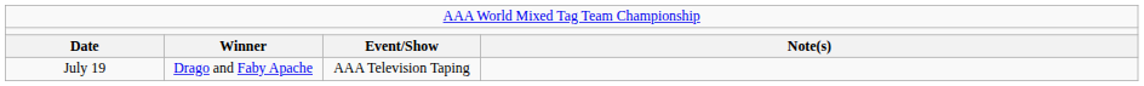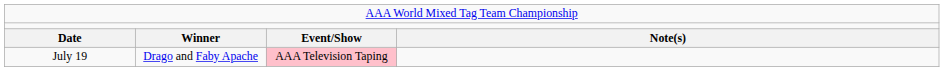 <table class="wikitable" style="text-align:center; width:100%;">
 <tr>
 <td colspan="5"><a href='#'>AAA World Mixed Tag Team Championship</a></td>
 </tr>
 <tr>
 <td colspan="5"><strong></strong></td>
 </tr>
 <tr>
 <th width="14%">Date</th>
 <th width="14%">Winner</th>
 <th width="14%">Event/Show</th>
 <th width="58%">Note(s)</th>
 </tr>
 <tr>
 <td>July 19</td>
 <td><a href='#'>Drago</a> and <a href='#'>Faby Apache</a></td>
-<td>AAA Television Taping</td>
+<td style="background: pink;">AAA Television Taping</td>
 <td align="left"></td>
 </tr>
 </table>
